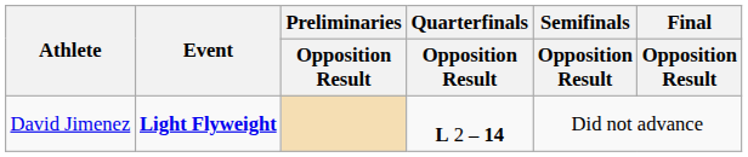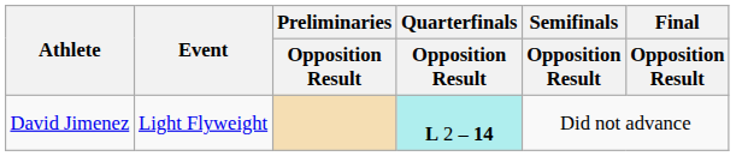 <table class="wikitable" border="1" style="font-size:90%">
 <tr>
 <th rowspan=2>Athlete</th>
 <th rowspan=2>Event</th>
 <th>Preliminaries</th>
 <th>Quarterfinals</th>
 <th>Semifinals</th>
 <th>Final</th>
 </tr>
 <tr>
 <th>Opposition<br>Result</th>
 <th>Opposition<br>Result</th>
 <th>Opposition<br>Result</th>
 <th>Opposition<br>Result</th>
 </tr>
 <tr>
 <td><a href='#'>David Jimenez</a></td>
-<td><strong><a href='#'>Light Flyweight</a></strong></td>
+<td><a href='#'>Light Flyweight</a></td>
 <td bgcolor=wheat></td>
-<td align=center><br><strong>L</strong> 2 – <strong>14</strong></td>
+<td align=center style="background: paleturquoise;"><br><strong>L</strong> 2 – <strong>14</strong></td>
 <td align=center colspan="7">Did not advance</td>
 </tr>
 </table>
